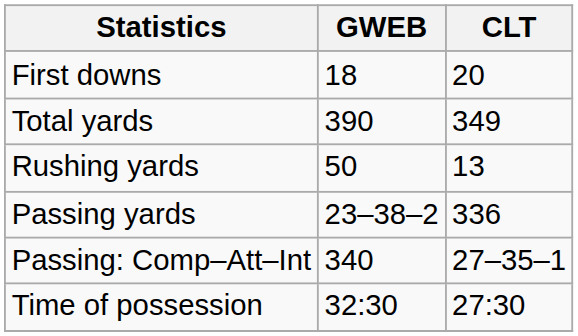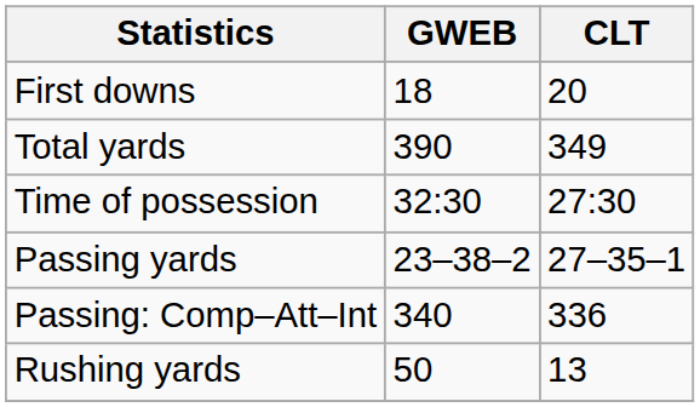 <table class="wikitable" style="float: left;">
 <tr>
 <th>Statistics</th>
 <th>GWEB</th>
 <th>CLT</th>
 </tr>
 <tr>
 <td>First downs</td>
 <td>18</td>
 <td>20</td>
 </tr>
 <tr>
 <td>Total yards</td>
 <td>390</td>
 <td>349</td>
 </tr>
 <tr>
+<td>Time of possession</td>
+<td>32:30</td>
+<td>27:30</td>
+</tr>
+<tr>
+<td>Passing yards</td>
+<td>23–38–2</td>
+<td>27–35–1</td>
+</tr>
+<tr>
+<td>Passing: Comp–Att–Int</td>
+<td>340</td>
+<td>336</td>
+</tr>
+<tr>
 <td>Rushing yards</td>
 <td>50</td>
 <td>13</td>
 </tr>
 <tr>
-<td>Passing yards</td>
-<td>23–38–2</td>
-<td>336</td>
-</tr>
-<tr>
-<td>Passing: Comp–Att–Int</td>
-<td>340</td>
-<td>27–35–1</td>
-</tr>
-<tr>
-<td>Time of possession</td>
-<td>32:30</td>
-<td>27:30</td>
-</tr>
-<tr>
 </tr>
 </table>
